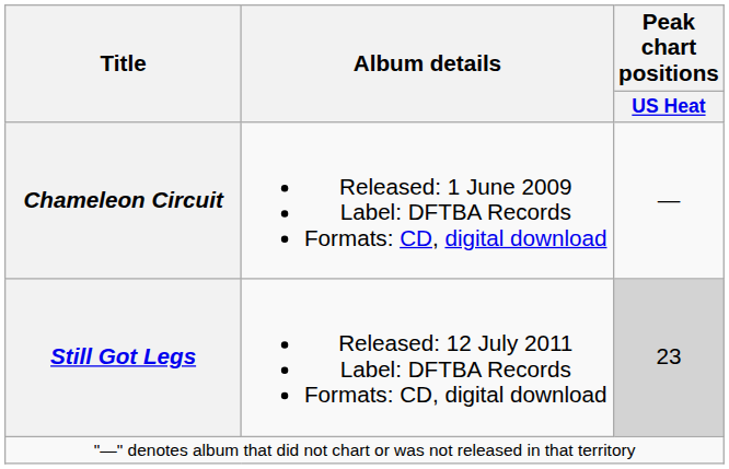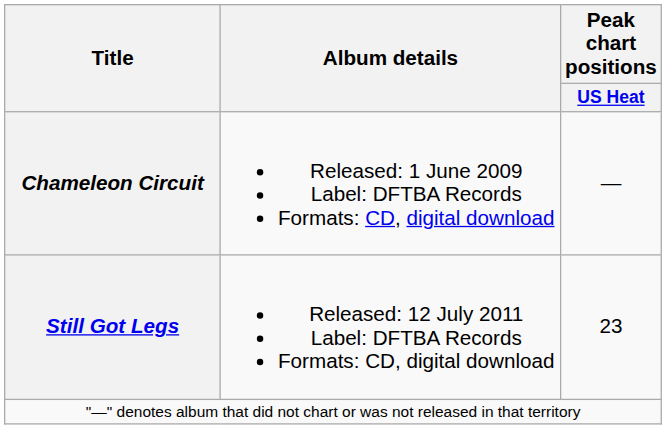 <table class="wikitable plainrowheaders" style="text-align:center;" border="1">
 <tr>
 <th scope="col" rowspan="2" style="width:10em;">Title</th>
 <th scope="col" rowspan="2" style="width:16em;">Album details</th>
 <th scope="col" colspan="1">Peak chart positions</th>
 </tr>
 <tr>
 <th scope="col" style="width:3em;font-size:85%;"><a href='#'>US Heat</a><br></th>
 </tr>
 <tr>
 <th scope="row"><em>Chameleon Circuit</em></th>
 <td><br><ul><li>Released: 1 June 2009</li><li>Label: DFTBA Records</li><li>Formats: <a href='#'>CD</a>, <a href='#'>digital download</a></li></ul></td>
 <td>—</td>
 </tr>
 <tr>
 <th scope="row"><em><a href='#'>Still Got Legs</a></em></th>
 <td><br><ul><li>Released: 12 July 2011</li><li>Label: DFTBA Records</li><li>Formats: CD, digital download</li></ul></td>
-<td style="background: lightgrey;">23</td>
+<td>23</td>
 </tr>
 <tr>
 <td colspan="14" style="font-size:9pt">"—" denotes album that did not chart or was not released in that territory</td>
 </tr>
 </table>
